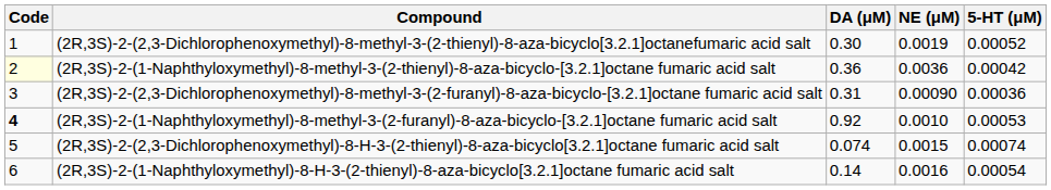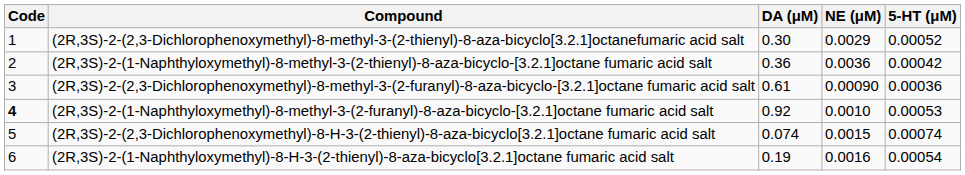 <table class="wikitable">
 <tr>
 <th>Code</th>
 <th>Compound</th>
 <th>DA (μM)</th>
 <th>NE (μM)</th>
 <th>5-HT (μM)</th>
 </tr>
 <tr>
 <td>1</td>
 <td>(2R,3S)-2-(2,3-Dichlorophenoxymethyl)-8-methyl-3-(2-thienyl)-8-aza-bicyclo[3.2.1]octanefumaric acid salt</td>
 <td>0.30</td>
-<td>0.0019</td>
+<td>0.0029</td>
 <td>0.00052</td>
 </tr>
 <tr>
-<td style="background: lightyellow;">2</td>
+<td>2</td>
 <td>(2R,3S)-2-(1-Naphthyloxymethyl)-8-methyl-3-(2-thienyl)-8-aza-bicyclo-[3.2.1]octane fumaric acid salt</td>
 <td>0.36</td>
 <td>0.0036</td>
 <td>0.00042</td>
 </tr>
 <tr>
 <td>3</td>
 <td>(2R,3S)-2-(2,3-Dichlorophenoxymethyl)-8-methyl-3-(2-furanyl)-8-aza-bicyclo-[3.2.1]octane fumaric acid salt</td>
-<td>0.31</td>
+<td>0.61</td>
 <td>0.00090</td>
 <td>0.00036</td>
 </tr>
 <tr>
 <td><strong>4</strong></td>
 <td>(2R,3S)-2-(1-Naphthyloxymethyl)-8-methyl-3-(2-furanyl)-8-aza-bicyclo-[3.2.1]octane fumaric acid salt</td>
 <td>0.92</td>
 <td>0.0010</td>
 <td>0.00053</td>
 </tr>
 <tr>
 <td>5</td>
 <td>(2R,3S)-2-(2,3-Dichlorophenoxymethyl)-8-H-3-(2-thienyl)-8-aza-bicyclo[3.2.1]octane fumaric acid salt</td>
 <td>0.074</td>
 <td>0.0015</td>
 <td>0.00074</td>
 </tr>
 <tr>
 <td>6</td>
 <td>(2R,3S)-2-(1-Naphthyloxymethyl)-8-H-3-(2-thienyl)-8-aza-bicyclo[3.2.1]octane fumaric acid salt</td>
-<td>0.14</td>
+<td>0.19</td>
 <td>0.0016</td>
 <td>0.00054</td>
 </tr>
 </table>
